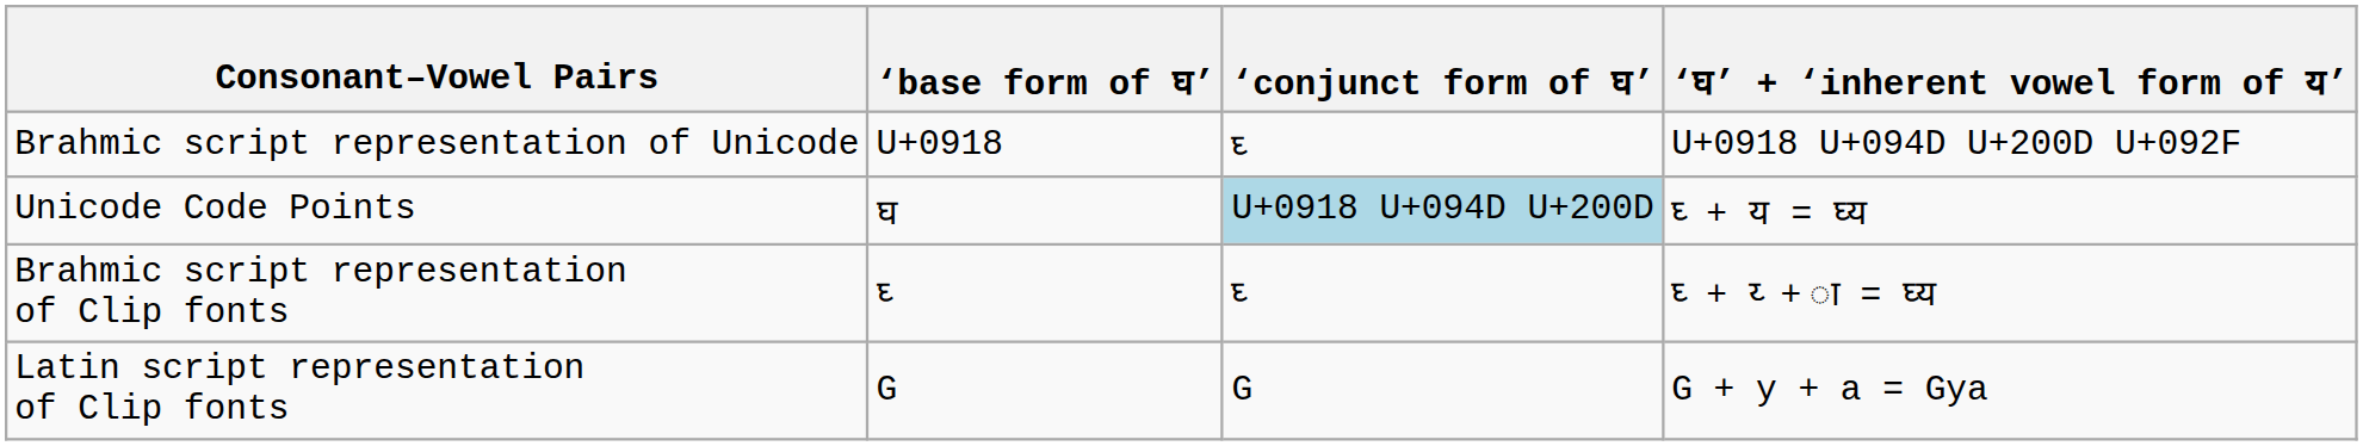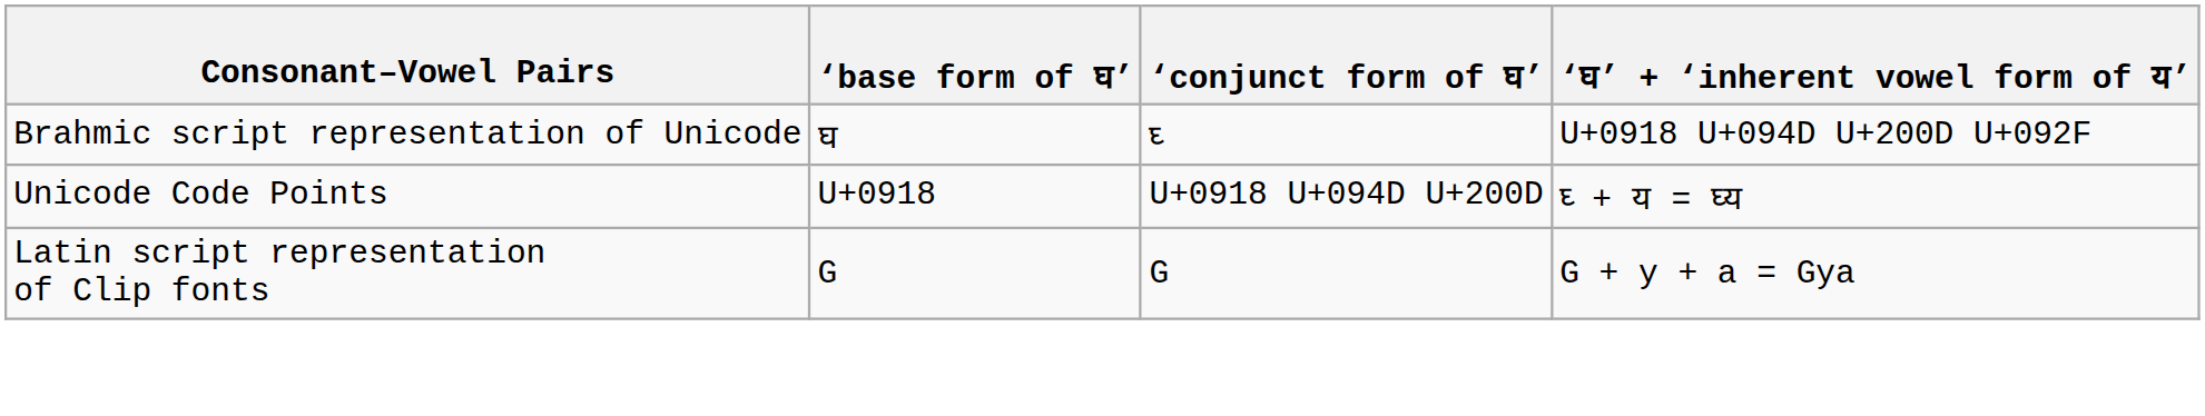 <table class="wikitable">
 <tr>
 <th><br>Consonant–Vowel Pairs</th>
 <th><br>‘base form of घ’</th>
 <th><br>‘conjunct form of घ’</th>
 <th><br>‘घ’ + ‘inherent vowel form of य’</th>
 </tr>
 <tr>
 <td>Brahmic script representation of Unicode</td>
-<td>U+0918</td>
+<td>घ</td>
 <td>घ्‍</td>
 <td>U+0918 U+094D U+200D U+092F</td>
 </tr>
 <tr>
 <td>Unicode Code Points</td>
-<td>घ</td>
-<td style="background: lightblue;">U+0918 U+094D U+200D</td>
+<td>U+0918</td>
+<td>U+0918 U+094D U+200D</td>
 <td>घ्‍ + य = घ्य</td>
-</tr>
-<tr>
-<td>Brahmic script representation<br>of Clip fonts</td>
-<td>घ्‍</td>
-<td>घ्‍</td>
-<td>घ्‍ + य्‍ + ा = घ्य</td>
 </tr>
 <tr>
 <td>Latin script representation<br>of Clip fonts</td>
 <td>G</td>
 <td>G</td>
 <td>G + y + a = Gya</td>
 </tr>
 </table>
